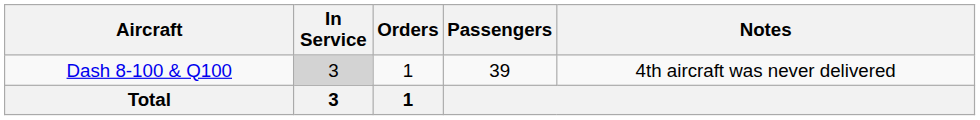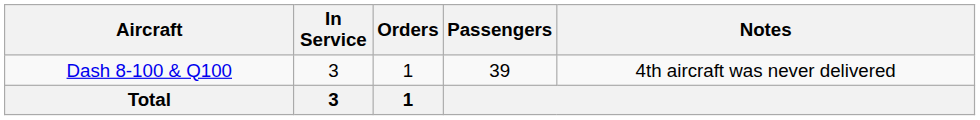 <table class="wikitable" style="border-collapse:collapse;text-align:center">
 <tr>
 <th style="width:240px">Aircraft</th>
 <th style="width:60px;">In Service</th>
 <th style="width:25px;">Orders</th>
 <th class="unsortable">Passengers</th>
 <th style="width:350px;">Notes</th>
 </tr>
 <tr>
 <td><a href='#'>Dash 8-100 & Q100</a></td>
-<td style="background: lightgrey;">3</td>
+<td>3</td>
 <td>1</td>
 <td>39</td>
 <td>4th aircraft was never delivered</td>
 </tr>
 <tr>
 <th>Total</th>
 <th>3</th>
 <th>1</th>
 <th colspan="2"></th>
 </tr>
 </table>
